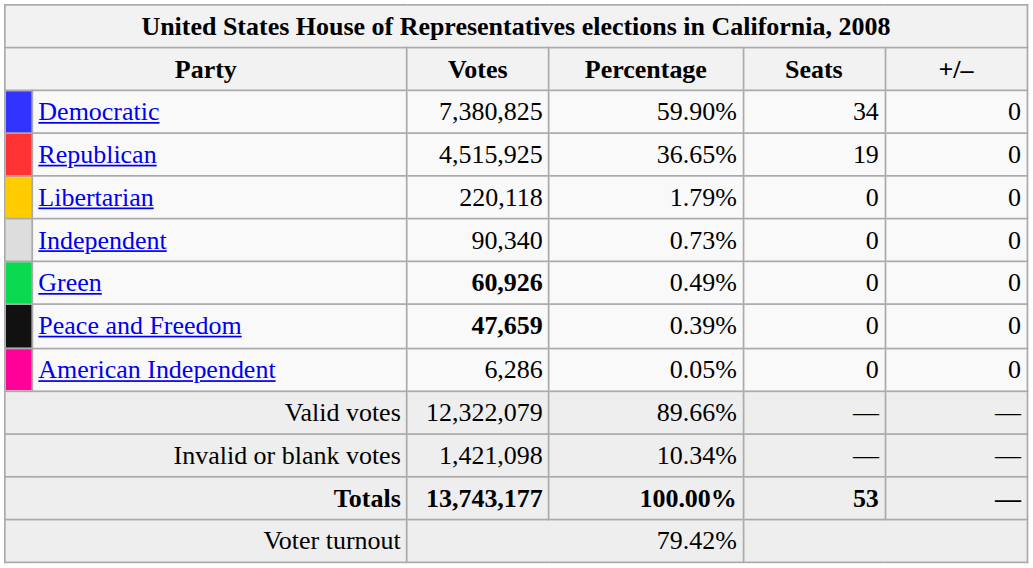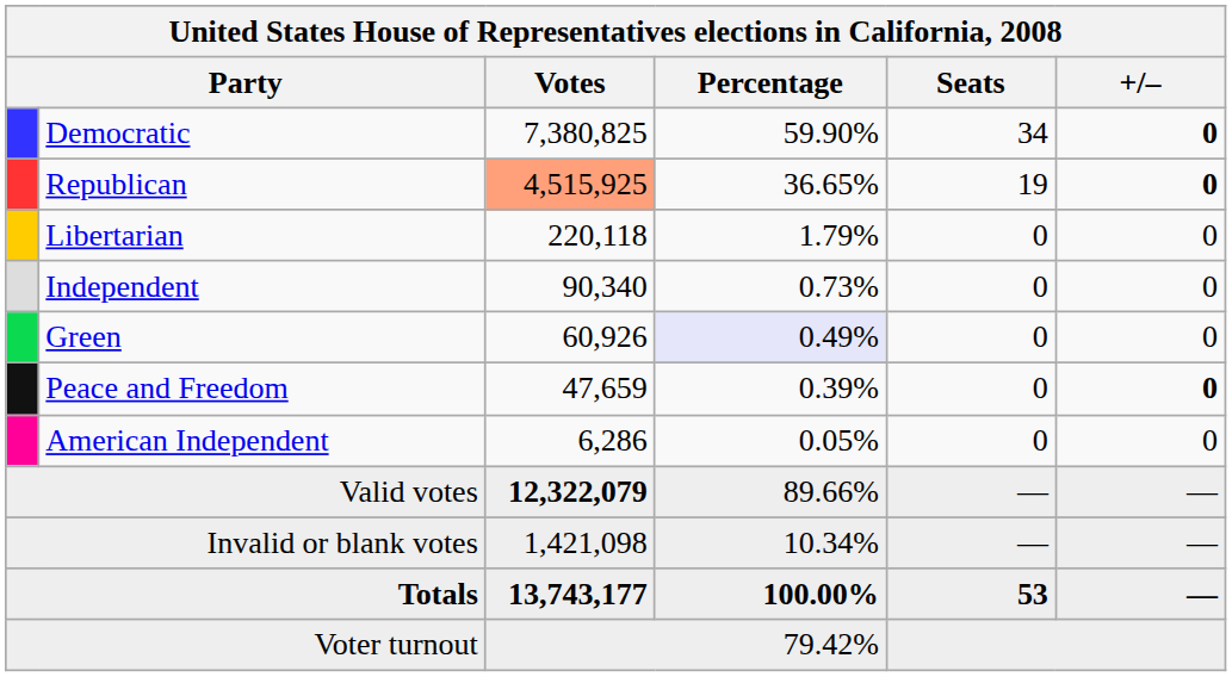 <table class="wikitable" style="font-size: 95%;">
 <tr>
 <th colspan="6">United States House of Representatives elections in California, 2008</th>
 </tr>
 <tr>
 <th colspan=2 style="width: 15em">Party</th>
 <th style="width: 5em">Votes</th>
 <th style="width: 7em">Percentage</th>
 <th style="width: 5em">Seats</th>
 <th style="width: 5em">+/–</th>
 </tr>
 <tr>
 <th style="background-color:#3333FF; width: 3px"></th>
 <td style="width: 130px"><a href='#'>Democratic</a></td>
 <td align="right">7,380,825</td>
 <td align="right">59.90%</td>
 <td align="right">34</td>
-<td align="right">0</td>
+<td align="right"><strong>0</strong></td>
 </tr>
 <tr>
 <th style="background-color:#FF3333; width: 3px"></th>
 <td style="width: 130px"><a href='#'>Republican</a></td>
-<td align="right">4,515,925</td>
+<td align="right" style="background: lightsalmon;">4,515,925</td>
 <td align="right">36.65%</td>
 <td align="right">19</td>
-<td align="right">0</td>
+<td align="right"><strong>0</strong></td>
 </tr>
 <tr>
 <th style="background-color:#FFCC00; width: 3px"></th>
 <td style="width: 130px"><a href='#'>Libertarian</a></td>
 <td align="right">220,118</td>
 <td align="right">1.79%</td>
 <td align="right">0</td>
 <td align="right">0</td>
 </tr>
 <tr>
 <th style="background-color:#DDDDDD; width: 3px"></th>
 <td style="width: 130px"><a href='#'>Independent</a></td>
 <td align="right">90,340</td>
 <td align="right">0.73%</td>
 <td align="right">0</td>
 <td align="right">0</td>
 </tr>
 <tr>
 <th style="background-color:#0BDA51; width: 3px"></th>
 <td style="width: 130px"><a href='#'>Green</a></td>
-<td align="right"><strong>60,926</strong></td>
-<td align="right">0.49%</td>
+<td align="right">60,926</td>
+<td align="right" style="background: lavender;">0.49%</td>
 <td align="right">0</td>
 <td align="right">0</td>
 </tr>
 <tr>
 <th style="background-color:#111111; width: 3px"></th>
 <td style="width: 130px"><a href='#'>Peace and Freedom</a></td>
-<td align="right"><strong>47,659</strong></td>
+<td align="right">47,659</td>
 <td align="right">0.39%</td>
 <td align="right">0</td>
-<td align="right">0</td>
+<td align="right"><strong>0</strong></td>
 </tr>
 <tr>
 <th style="background-color:#FF0099; width: 3px"></th>
 <td style="width: 130px"><a href='#'>American Independent</a></td>
 <td align="right">6,286</td>
 <td align="right">0.05%</td>
 <td align="right">0</td>
 <td align="right">0</td>
 </tr>
 <tr bgcolor="#EEEEEE">
 <td colspan="2" align="right">Valid votes</td>
-<td align="right">12,322,079</td>
+<td align="right"><strong>12,322,079</strong></td>
 <td align="right">89.66%</td>
 <td align="right">—</td>
 <td align="right">—</td>
 </tr>
 <tr bgcolor="#EEEEEE">
 <td colspan="2" align="right">Invalid or blank votes</td>
 <td align="right">1,421,098</td>
 <td align="right">10.34%</td>
 <td align="right">—</td>
 <td align="right">—</td>
 </tr>
 <tr bgcolor="#EEEEEE">
 <td colspan="2" align="right"><strong>Totals</strong></td>
 <td align="right"><strong>13,743,177</strong></td>
 <td align="right"><strong>100.00%</strong></td>
 <td align="right"><strong>53</strong></td>
 <td align="right"><strong>—</strong></td>
 </tr>
 <tr bgcolor="#EEEEEE">
 <td colspan="2" align="right">Voter turnout</td>
 <td colspan="2" align="right">79.42%</td>
 <td colspan="2" align="right"></td>
 </tr>
 </table>
